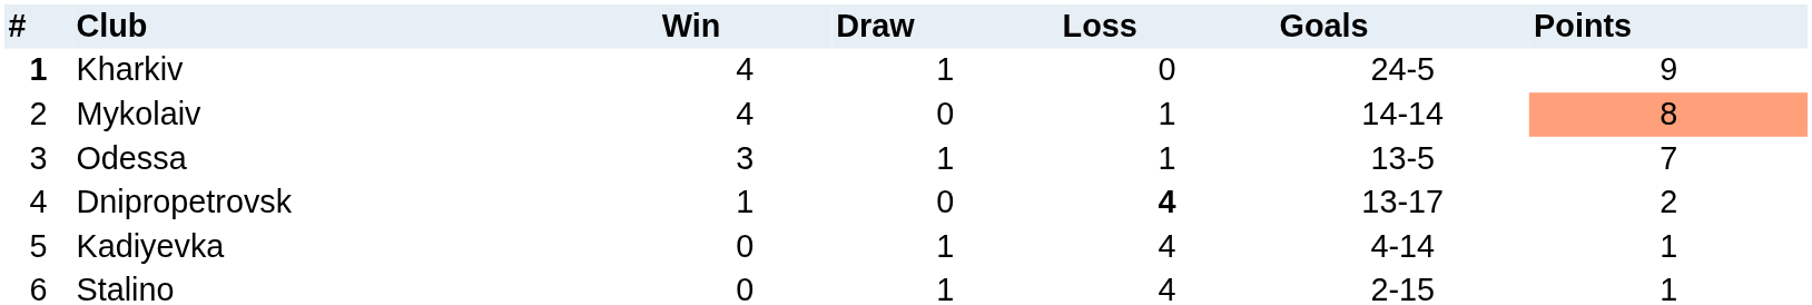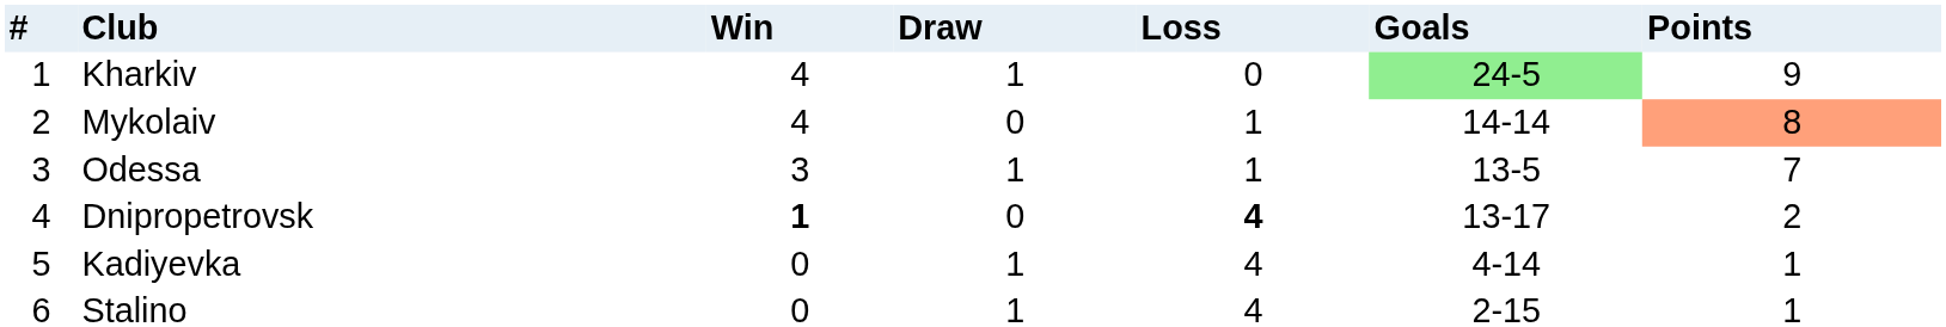 <table class="results" width="900px" cellpadding="2" cellspacing="0">
 <tr class="res_header" bgcolor="#E6EFF6">
 <td><div><strong>#</strong></div></td>
 <td><div><strong>Club</strong></div></td>
 <td><div><strong>Win</strong></div></td>
 <td><div><strong>Draw</strong></div></td>
 <td><div><strong>Loss</strong></div></td>
 <td><div><strong>Goals</strong></div></td>
 <td><div><strong>Points</strong></div></td>
 </tr>
 <tr>
-<td align="center"><strong>1</strong></td>
+<td align="center">1</td>
 <td align="left">Kharkiv</td>
 <td align="center">4</td>
 <td align="center">1</td>
 <td align="center">0</td>
-<td align="center">24-5</td>
+<td align="center" style="background: lightgreen;">24-5</td>
 <td align="center">9</td>
 </tr>
 <tr>
 <td align="center">2</td>
 <td align="left">Mykolaiv</td>
 <td align="center">4</td>
 <td align="center">0</td>
 <td align="center">1</td>
 <td align="center">14-14</td>
 <td align="center" style="background: lightsalmon;">8</td>
 </tr>
 <tr>
 <td align="center">3</td>
 <td align="left">Odessa</td>
 <td align="center">3</td>
 <td align="center">1</td>
 <td align="center">1</td>
 <td align="center">13-5</td>
 <td align="center">7</td>
 </tr>
 <tr>
 <td align="center">4</td>
 <td align="left">Dnipropetrovsk</td>
-<td align="center">1</td>
+<td align="center"><strong>1</strong></td>
 <td align="center">0</td>
 <td align="center"><strong>4</strong></td>
 <td align="center">13-17</td>
 <td align="center">2</td>
 </tr>
 <tr>
 <td align="center">5</td>
 <td align="left">Kadiyevka</td>
 <td align="center">0</td>
 <td align="center">1</td>
 <td align="center">4</td>
 <td align="center">4-14</td>
 <td align="center">1</td>
 </tr>
 <tr>
 <td align="center">6</td>
 <td align="left">Stalino</td>
 <td align="center">0</td>
 <td align="center">1</td>
 <td align="center">4</td>
 <td align="center">2-15</td>
 <td align="center">1</td>
 </tr>
 </table>
